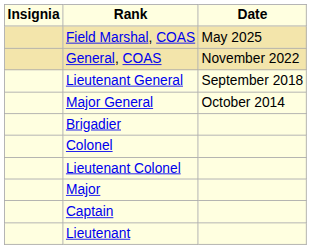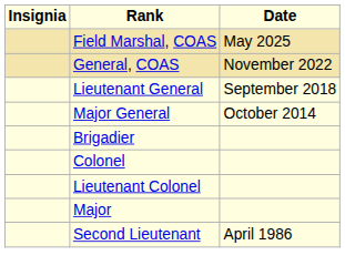 <table class="wikitable">
 <tr>
 <th style="background:#FFFFE0">Insignia</th>
 <th style="background:#FFFFE0">Rank</th>
 <th style="background:#FFFFE0">Date</th>
 </tr>
 <tr>
 <td style="background:#F3E5AB"> </td>
 <td style="background:#F3E5AB"><a href='#'>Field Marshal</a>, <a href='#'>COAS</a></td>
 <td style="background:#F3E5AB">May 2025</td>
 </tr>
 <tr>
 <td style="background:#F3E5AB"> </td>
 <td style="background:#F3E5AB"><a href='#'>General</a>, <a href='#'>COAS</a></td>
 <td style="background:#F3E5AB">November 2022</td>
 </tr>
 <tr>
 <td style="background:#FFFFE0"> </td>
 <td style="background:#FFFFE0"><a href='#'>Lieutenant General</a></td>
 <td style="background:#FFFFE0">September 2018</td>
 </tr>
 <tr>
 <td style="background:#FFFFE0"> </td>
 <td style="background:#FFFFE0"><a href='#'>Major General</a></td>
 <td style="background:#FFFFE0">October 2014</td>
 </tr>
 <tr>
 <td style="background:#FFFFE0"> </td>
 <td style="background:#FFFFE0"><a href='#'>Brigadier</a></td>
 <td style="background:#FFFFE0"></td>
 </tr>
 <tr>
 <td style="background:#FFFFE0"></td>
 <td style="background:#FFFFE0"><a href='#'>Colonel</a></td>
 <td style="background:#FFFFE0"></td>
 </tr>
 <tr>
 <td style="background:#FFFFE0"></td>
 <td style="background:#FFFFE0"><a href='#'>Lieutenant Colonel</a></td>
 <td style="background:#FFFFE0"></td>
 </tr>
 <tr>
 <td style="background:#FFFFE0"></td>
 <td style="background:#FFFFE0"><a href='#'>Major</a></td>
 <td style="background:#FFFFE0"></td>
 </tr>
 <tr>
 <td style="background:#FFFFE0"></td>
-<td style="background:#FFFFE0"><a href='#'>Captain</a></td>
-<td style="background:#FFFFE0"></td>
-</tr>
-<tr>
-<td style="background:#FFFFE0"></td>
-<td style="background:#FFFFE0"><a href='#'>Lieutenant</a></td>
-<td style="background:#FFFFE0"></td>
+<td style="background:#FFFFE0"><a href='#'>Second Lieutenant</a></td>
+<td style="background:#FFFFE0">April 1986</td>
 </tr>
 </table>
